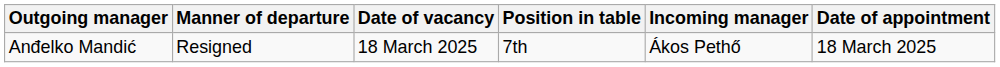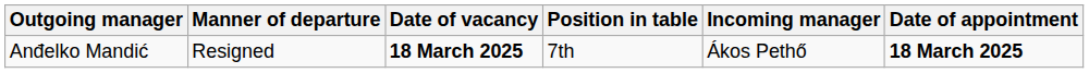 <table class="wikitable">
 <tr>
 <th>Outgoing manager</th>
 <th>Manner of departure</th>
 <th>Date of vacancy</th>
 <th>Position in table</th>
 <th>Incoming manager</th>
 <th>Date of appointment</th>
 </tr>
 <tr>
 <td> Anđelko Mandić</td>
 <td rowspan=2>Resigned</td>
-<td>18 March 2025</td>
+<td><strong>18 March 2025</strong></td>
 <td rowspan="1">7th</td>
 <td> Ákos Pethő</td>
-<td>18 March 2025</td>
+<td><strong>18 March 2025</strong></td>
 </tr>
 </table>
